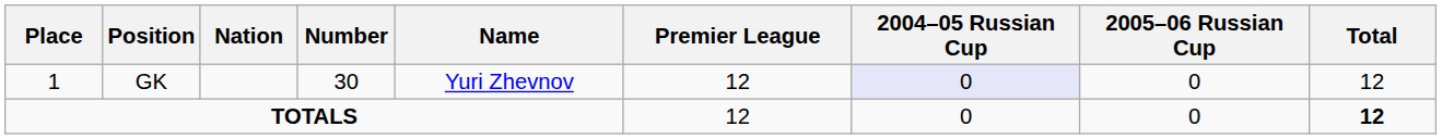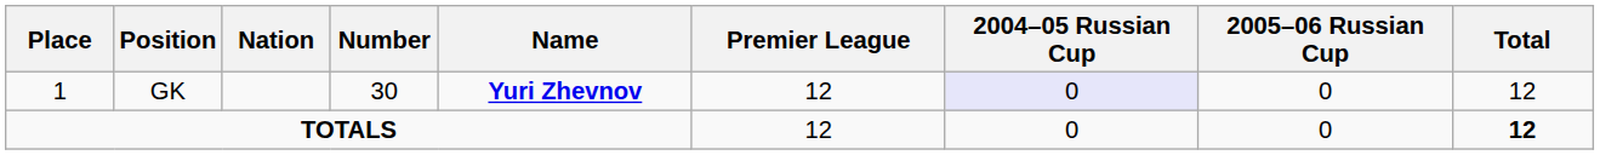 <table class="wikitable" style="font-size: 95%; text-align: center;">
 <tr>
 <th width=60>Place</th>
 <th width=60>Position</th>
 <th width=60>Nation</th>
 <th width=60>Number</th>
 <th width=150>Name</th>
 <th width=150>Premier League</th>
 <th width=150>2004–05 Russian Cup</th>
 <th width=150>2005–06 Russian Cup</th>
 <th width=80>Total</th>
 </tr>
 <tr>
 <td>1</td>
 <td>GK</td>
 <td></td>
 <td>30</td>
-<td><a href='#'>Yuri Zhevnov</a></td>
+<td><strong><a href='#'>Yuri Zhevnov</a></strong></td>
 <td>12</td>
 <td style="background: lavender;">0</td>
 <td>0</td>
 <td>12</td>
 </tr>
 <tr>
 <td colspan="5"><strong>TOTALS</strong></td>
 <td>12</td>
 <td>0</td>
 <td>0</td>
 <td><strong>12</strong></td>
 </tr>
 </table>
